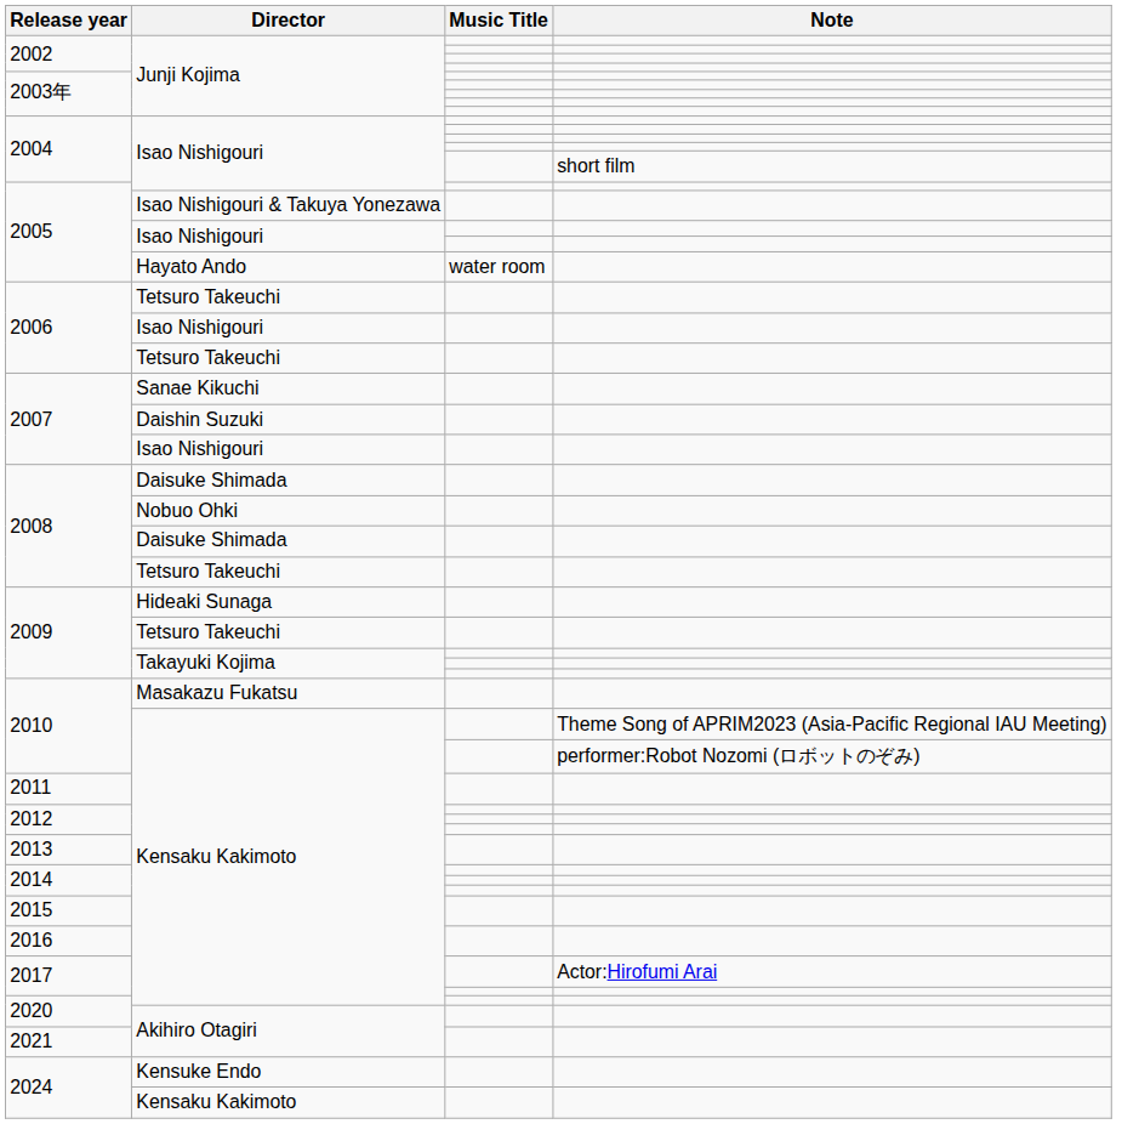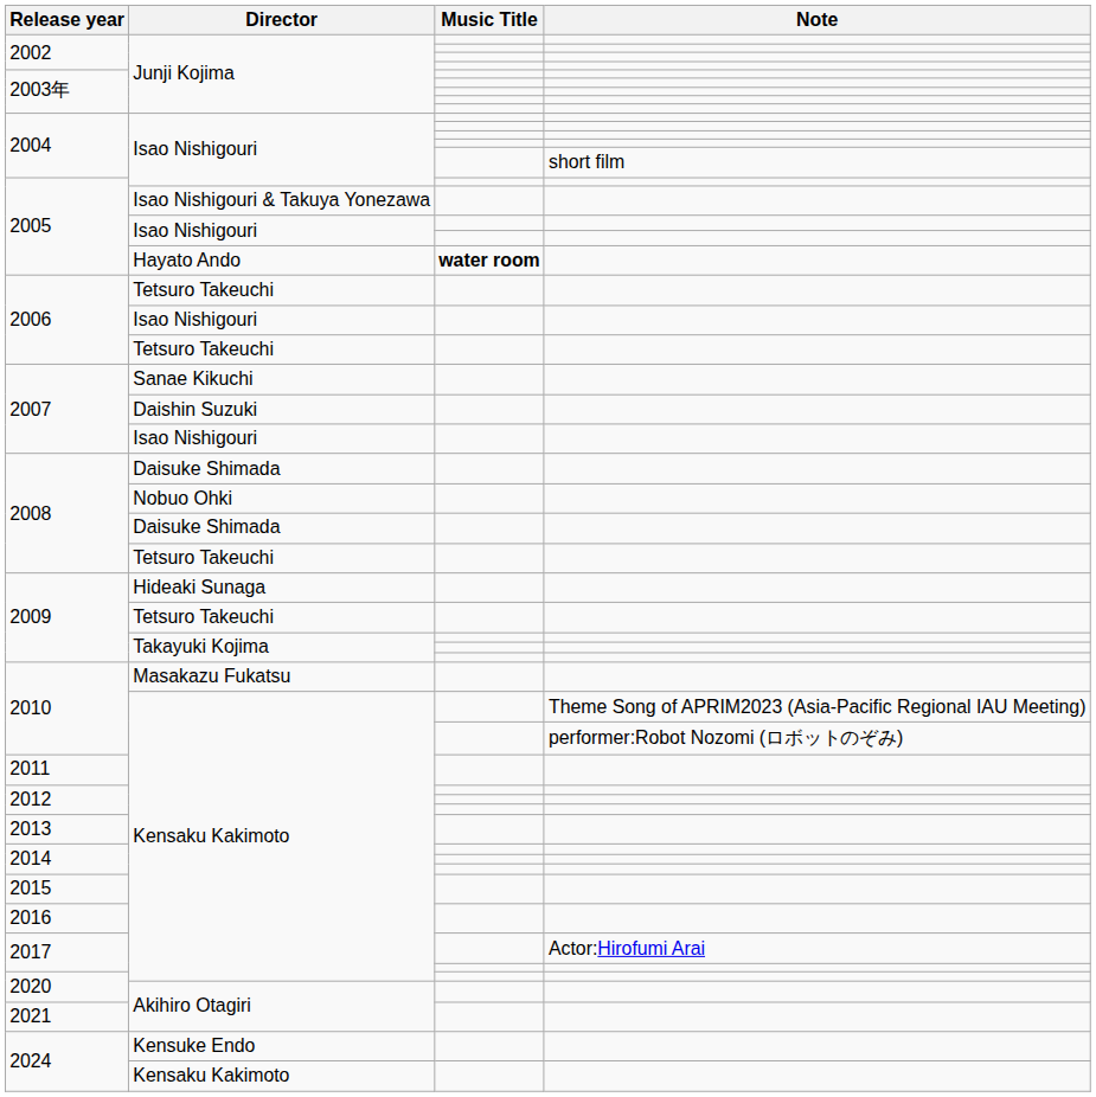 <table class=wikitable>
 <tr>
 <th>Release year</th>
 <th>Director</th>
 <th>Music Title</th>
 <th>Note</th>
 </tr>
 <tr>
 <td rowspan="4">2002</td>
 <td rowspan="9">Junji Kojima</td>
 <td></td>
 <td></td>
 </tr>
 <tr>
 <td></td>
 <td></td>
 </tr>
 <tr>
 <td></td>
 <td></td>
 </tr>
 <tr>
 <td></td>
 <td></td>
 </tr>
 <tr>
 <td rowspan="5">2003年</td>
 <td></td>
 <td></td>
 </tr>
 <tr>
 <td></td>
 <td></td>
 </tr>
 <tr>
 <td></td>
 <td></td>
 </tr>
 <tr>
 <td></td>
 <td></td>
 </tr>
 <tr>
 <td></td>
 <td></td>
 </tr>
 <tr>
 <td rowspan="5">2004</td>
 <td rowspan="6">Isao Nishigouri</td>
 <td></td>
 <td></td>
 </tr>
 <tr>
 <td></td>
 <td></td>
 </tr>
 <tr>
 <td></td>
 <td></td>
 </tr>
 <tr>
 <td></td>
 <td></td>
 </tr>
 <tr>
 <td></td>
 <td>short film</td>
 </tr>
 <tr>
 <td rowspan="5">2005</td>
 <td></td>
 <td></td>
 </tr>
 <tr>
 <td>Isao Nishigouri & Takuya Yonezawa</td>
 <td></td>
 <td></td>
 </tr>
 <tr>
 <td rowspan="2">Isao Nishigouri</td>
 <td></td>
 <td></td>
 </tr>
 <tr>
 <td></td>
 <td></td>
 </tr>
 <tr>
 <td>Hayato Ando</td>
-<td>water room</td>
+<td><strong>water room</strong></td>
 <td></td>
 </tr>
 <tr>
 <td rowspan="3">2006</td>
 <td>Tetsuro Takeuchi</td>
 <td></td>
 <td></td>
 </tr>
 <tr>
 <td>Isao Nishigouri</td>
 <td></td>
 <td></td>
 </tr>
 <tr>
 <td>Tetsuro Takeuchi</td>
 <td></td>
 <td></td>
 </tr>
 <tr>
 <td rowspan="3">2007</td>
 <td>Sanae Kikuchi</td>
 <td></td>
 <td></td>
 </tr>
 <tr>
 <td>Daishin Suzuki</td>
 <td></td>
 <td></td>
 </tr>
 <tr>
 <td>Isao Nishigouri</td>
 <td></td>
 <td></td>
 </tr>
 <tr>
 <td rowspan="4">2008</td>
 <td>Daisuke Shimada</td>
 <td></td>
 <td></td>
 </tr>
 <tr>
 <td>Nobuo Ohki</td>
 <td></td>
 <td></td>
 </tr>
 <tr>
 <td>Daisuke Shimada</td>
 <td></td>
 <td></td>
 </tr>
 <tr>
 <td>Tetsuro Takeuchi</td>
 <td></td>
 <td></td>
 </tr>
 <tr>
 <td rowspan="5">2009</td>
 <td>Hideaki Sunaga</td>
 <td></td>
 <td></td>
 </tr>
 <tr>
 <td>Tetsuro Takeuchi</td>
 <td></td>
 <td></td>
 </tr>
 <tr>
 <td rowspan="3">Takayuki Kojima</td>
 <td></td>
 <td></td>
 </tr>
 <tr>
 <td></td>
 <td></td>
 </tr>
 <tr>
 <td></td>
 <td></td>
 </tr>
 <tr>
 <td rowspan="3">2010</td>
 <td>Masakazu Fukatsu</td>
 <td></td>
 <td></td>
 </tr>
 <tr>
 <td rowspan="15">Kensaku Kakimoto</td>
 <td></td>
 <td>Theme Song of APRIM2023 (Asia-Pacific Regional IAU Meeting)</td>
 </tr>
 <tr>
 <td></td>
 <td>performer:Robot Nozomi (ロボットのぞみ)</td>
 </tr>
 <tr>
 <td>2011</td>
 <td></td>
 <td></td>
 </tr>
 <tr>
 <td rowspan="3">2012</td>
 <td></td>
 <td></td>
 </tr>
 <tr>
 <td></td>
 <td></td>
 </tr>
 <tr>
 <td></td>
 <td></td>
 </tr>
 <tr>
 <td>2013</td>
 <td></td>
 <td></td>
 </tr>
 <tr>
 <td rowspan="3">2014</td>
 <td></td>
 <td></td>
 </tr>
 <tr>
 <td></td>
 <td></td>
 </tr>
 <tr>
 <td></td>
 <td></td>
 </tr>
 <tr>
 <td>2015</td>
 <td></td>
 <td></td>
 </tr>
 <tr>
 <td>2016</td>
 <td></td>
 <td></td>
 </tr>
 <tr>
 <td rowspan="2">2017</td>
 <td></td>
 <td>Actor:<a href='#'>Hirofumi Arai</a></td>
 </tr>
 <tr>
 <td></td>
 <td></td>
 </tr>
 <tr>
 <td rowspan="2">2020</td>
 <td></td>
 <td></td>
 </tr>
 <tr>
 <td rowspan="2">Akihiro Otagiri</td>
 <td></td>
 <td></td>
 </tr>
 <tr>
 <td>2021</td>
 <td></td>
 <td></td>
 </tr>
 <tr>
 <td rowspan="2">2024</td>
 <td>Kensuke Endo</td>
 <td></td>
 <td></td>
 </tr>
 <tr>
 <td>Kensaku Kakimoto</td>
 <td></td>
 <td></td>
 </tr>
 </table>
